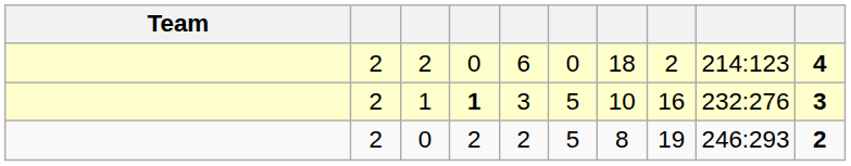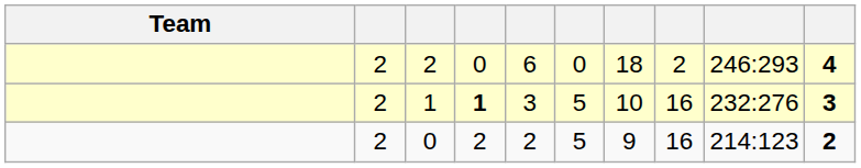 <table class="wikitable" style="text-align:center;">
 <tr>
 <th width=220>Team</th>
 <th width=25></th>
 <th width=25></th>
 <th width=25></th>
 <th width=25></th>
 <th width=25></th>
 <th width=25></th>
 <th width=25></th>
 <th width=25></th>
 <th width=25></th>
 </tr>
 <tr style="background:#ffffcc;">
 <td style="text-align:left;"></td>
 <td>2</td>
 <td>2</td>
 <td>0</td>
 <td>6</td>
 <td>0</td>
 <td>18</td>
 <td>2</td>
-<td>214:123</td>
+<td>246:293</td>
 <td><strong>4</strong></td>
 </tr>
 <tr style="background:#ffffcc;">
 <td style="text-align:left;"></td>
 <td>2</td>
 <td>1</td>
 <td><strong>1</strong></td>
 <td>3</td>
 <td>5</td>
 <td>10</td>
 <td>16</td>
 <td>232:276</td>
 <td><strong>3</strong></td>
 </tr>
 <tr>
 <td style="text-align:left;"></td>
 <td>2</td>
 <td>0</td>
 <td>2</td>
 <td>2</td>
 <td>5</td>
-<td>8</td>
-<td>19</td>
-<td>246:293</td>
+<td>9</td>
+<td>16</td>
+<td>214:123</td>
 <td><strong>2</strong></td>
 </tr>
 </table>
